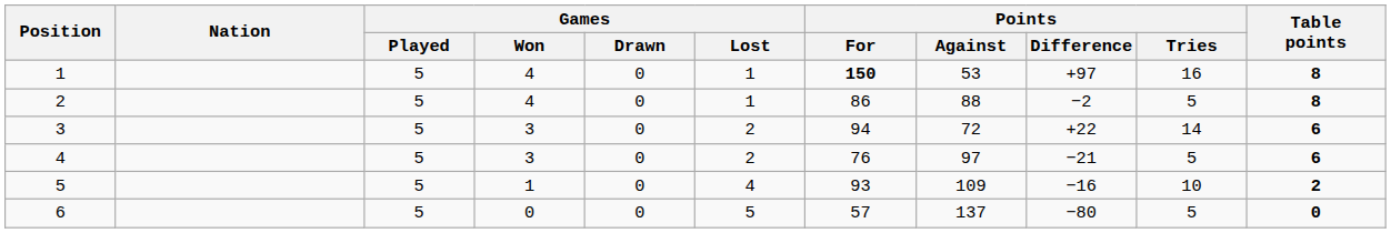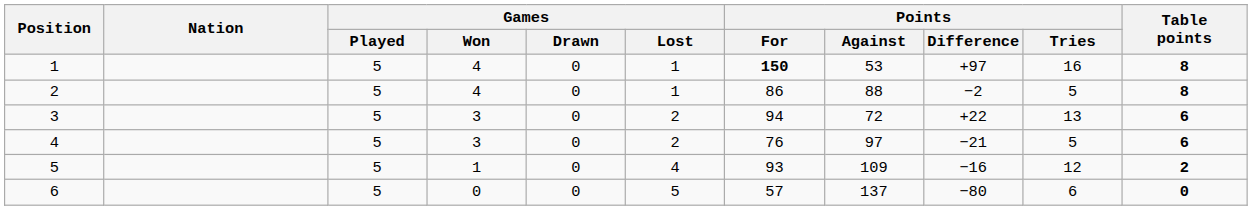 <table class="wikitable" style="text-align:center">
 <tr>
 <th rowspan="2" style="width:8%;">Position</th>
 <th rowspan="2" style="width:18%;">Nation</th>
 <th colspan="4" style="width:32%;">Games</th>
 <th colspan="4" style="width:32%;">Points</th>
 <th rowspan="2" style="width:10%;">Table<br>points</th>
 </tr>
 <tr>
 <th style="width:8%;">Played</th>
 <th style="width:8%;">Won</th>
 <th style="width:8%;">Drawn</th>
 <th style="width:8%;">Lost</th>
 <th style="width:8%;">For</th>
 <th style="width:8%;">Against</th>
 <th style="width:8%;">Difference</th>
 <th style="width:8%;">Tries</th>
 </tr>
 <tr>
 <td>1</td>
 <td align="left"></td>
 <td>5</td>
 <td>4</td>
 <td>0</td>
 <td>1</td>
 <td><strong>150</strong></td>
 <td>53</td>
 <td>+97</td>
 <td>16</td>
 <td><strong>8</strong></td>
 </tr>
 <tr>
 <td>2</td>
 <td align="left"></td>
 <td>5</td>
 <td>4</td>
 <td>0</td>
 <td>1</td>
 <td>86</td>
 <td>88</td>
 <td>−2</td>
 <td>5</td>
 <td><strong>8</strong></td>
 </tr>
 <tr>
 <td>3</td>
 <td align="left"></td>
 <td>5</td>
 <td>3</td>
 <td>0</td>
 <td>2</td>
 <td>94</td>
 <td>72</td>
 <td>+22</td>
-<td>14</td>
+<td>13</td>
 <td><strong>6</strong></td>
 </tr>
 <tr>
 <td>4</td>
 <td align="left"></td>
 <td>5</td>
 <td>3</td>
 <td>0</td>
 <td>2</td>
 <td>76</td>
 <td>97</td>
 <td>−21</td>
 <td>5</td>
 <td><strong>6</strong></td>
 </tr>
 <tr>
 <td>5</td>
 <td align="left"></td>
 <td>5</td>
 <td>1</td>
 <td>0</td>
 <td>4</td>
 <td>93</td>
 <td>109</td>
 <td>−16</td>
-<td>10</td>
+<td>12</td>
 <td><strong>2</strong></td>
 </tr>
 <tr>
 <td>6</td>
 <td align="left"></td>
 <td>5</td>
 <td>0</td>
 <td>0</td>
 <td>5</td>
 <td>57</td>
 <td>137</td>
 <td>−80</td>
-<td>5</td>
+<td>6</td>
 <td><strong>0</strong></td>
 </tr>
 </table>
